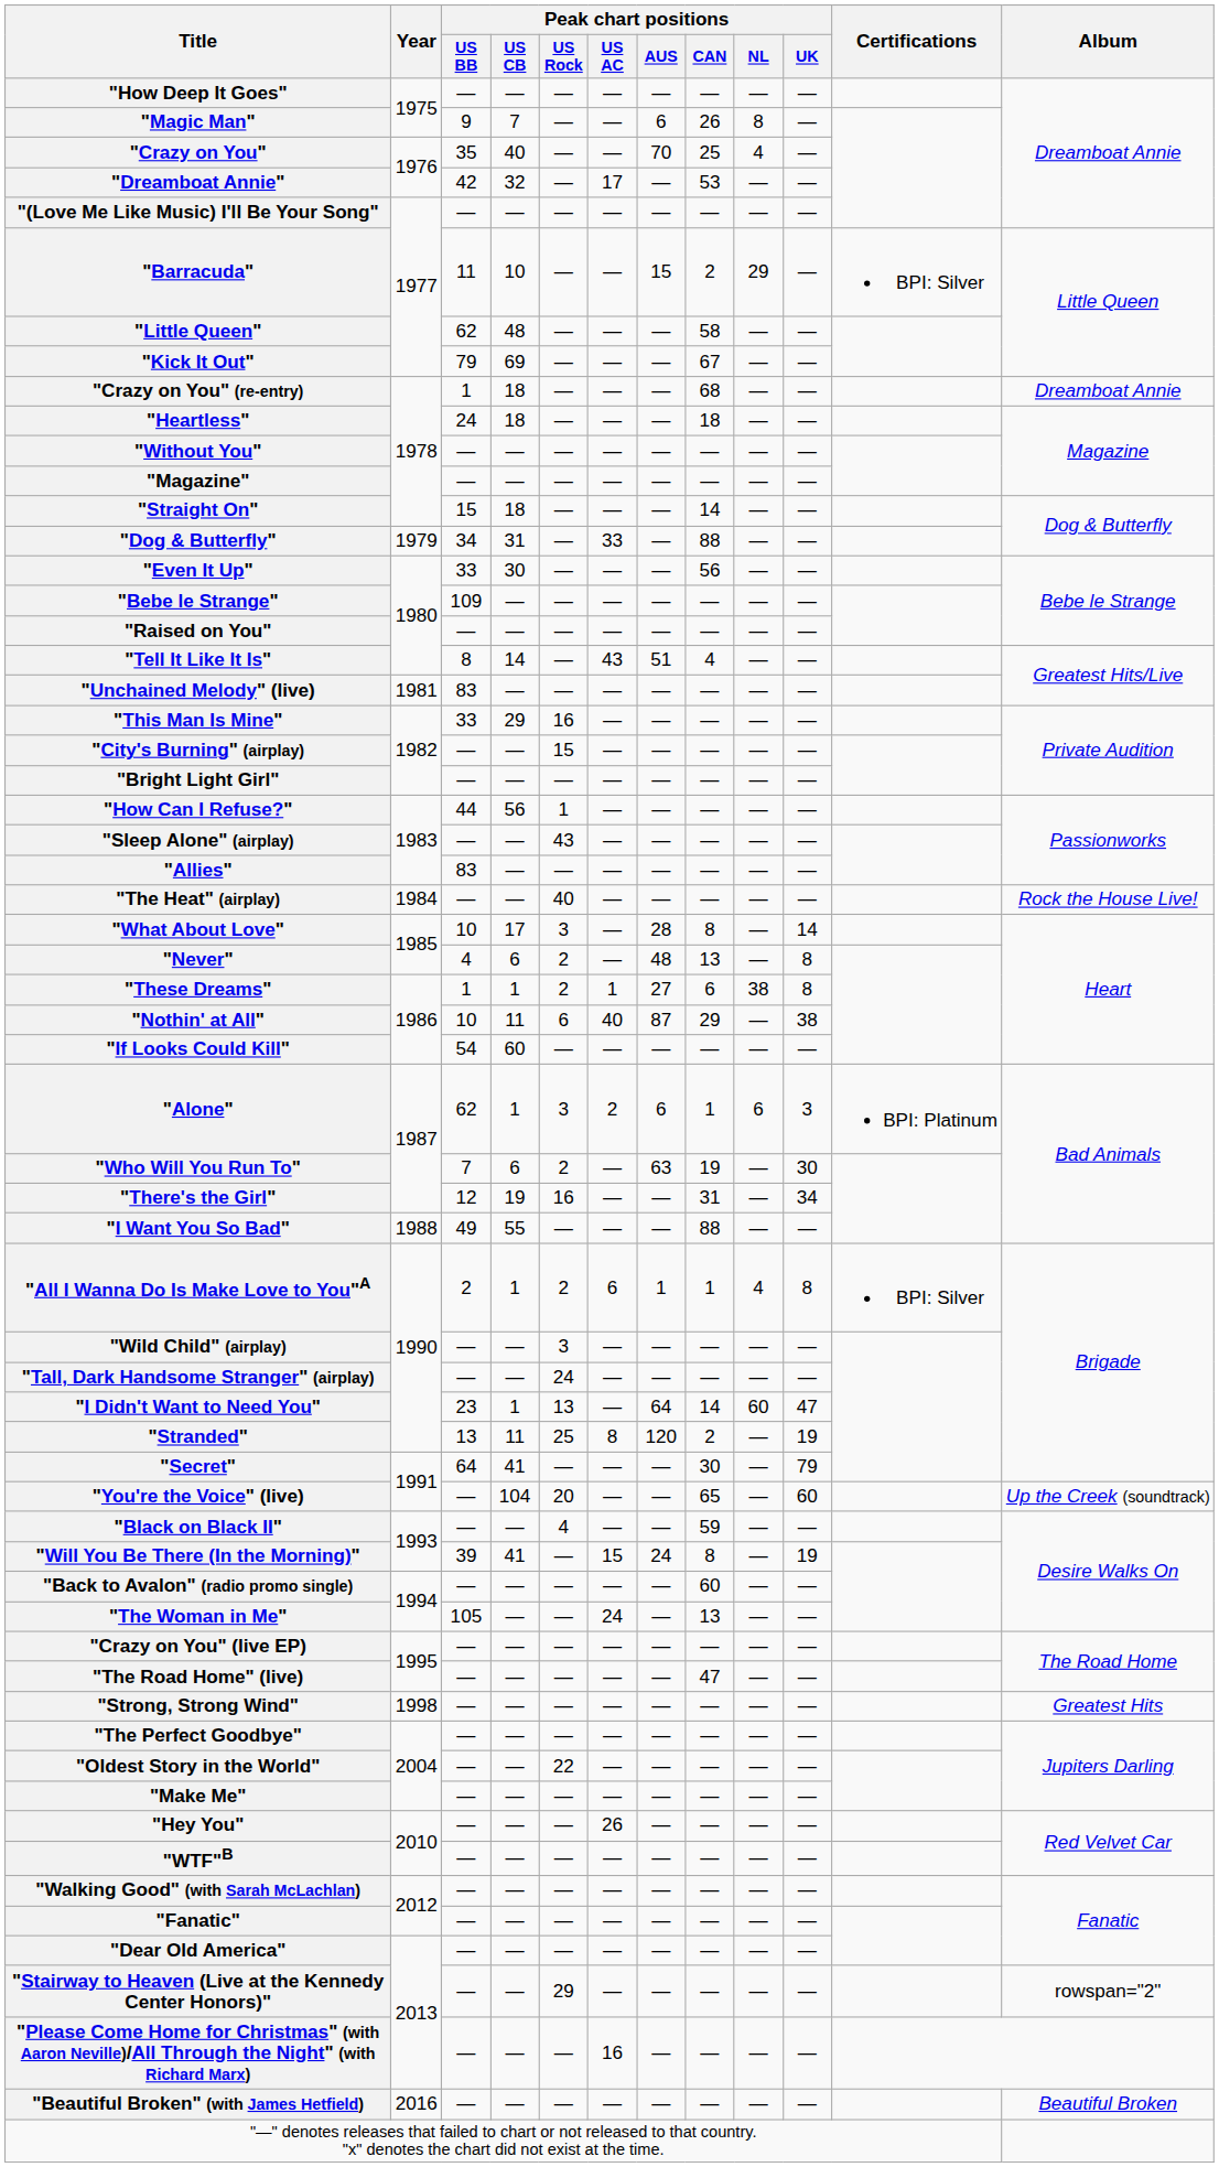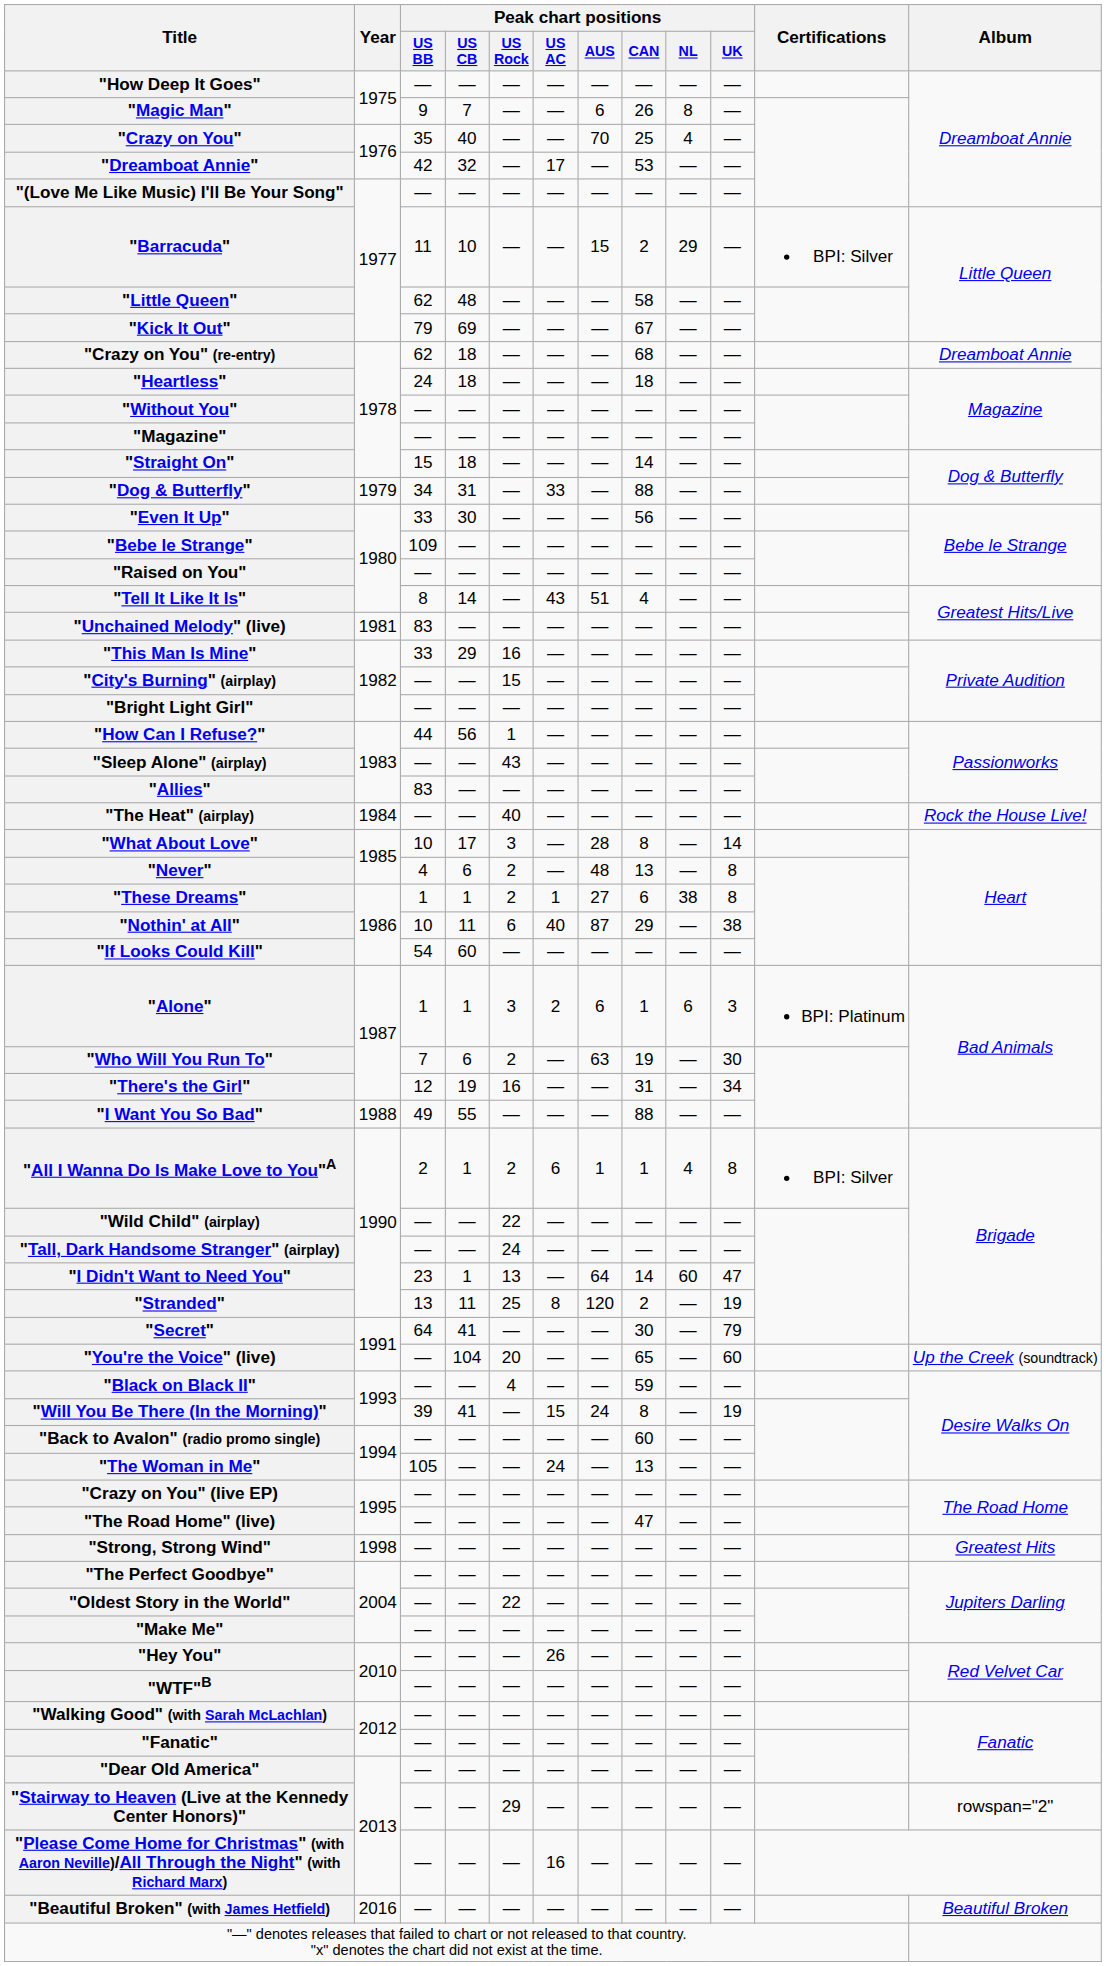 <table class="wikitable plainrowheaders sortable" style="text-align:center;">
 <tr>
 <th scope="col" rowspan="2"  style="width:20em;">Title</th>
 <th scope="col" rowspan="2">Year</th>
 <th scope="col" colspan="8">Peak chart positions</th>
 <th scope="col" rowspan="2">Certifications</th>
 <th scope="col" rowspan="2">Album</th>
 </tr>
 <tr style="font-size:smaller;">
 <th width="35"><a href='#'>US BB</a><br> </th>
 <th width="35"><a href='#'>US CB</a><br> </th>
 <th width="35"><a href='#'>US Rock</a><br></th>
 <th width="35"><a href='#'>US AC</a><br> </th>
 <th width="35"><a href='#'>AUS</a><br></th>
 <th width="35"><a href='#'>CAN</a><br></th>
 <th width="35"><a href='#'>NL</a><br></th>
 <th width="35"><a href='#'>UK</a><br></th>
 </tr>
 <tr>
 <th scope="row">"How Deep It Goes"</th>
 <td rowspan="2">1975</td>
 <td>—</td>
 <td>—</td>
 <td>—</td>
 <td>—</td>
 <td>—</td>
 <td>—</td>
 <td>—</td>
 <td>—</td>
 <td></td>
 <td rowspan="5"><em><a href='#'>Dreamboat Annie</a></em></td>
 </tr>
 <tr>
 <th scope="row">"<a href='#'>Magic Man</a>"</th>
 <td>9</td>
 <td>7</td>
 <td>—</td>
 <td>—</td>
 <td>6</td>
 <td>26</td>
 <td>8</td>
 <td>—</td>
 </tr>
 <tr>
 <th scope="row">"<a href='#'>Crazy on You</a>"</th>
 <td rowspan="2">1976</td>
 <td>35</td>
 <td>40</td>
 <td>—</td>
 <td>—</td>
 <td>70</td>
 <td>25</td>
 <td>4</td>
 <td>—</td>
 </tr>
 <tr>
 <th scope="row">"<a href='#'>Dreamboat Annie</a>"</th>
 <td>42</td>
 <td>32</td>
 <td>—</td>
 <td>17</td>
 <td>—</td>
 <td>53</td>
 <td>—</td>
 <td>—</td>
 </tr>
 <tr>
 <th scope="row">"(Love Me Like Music) I'll Be Your Song"</th>
 <td rowspan="4">1977</td>
 <td>—</td>
 <td>—</td>
 <td>—</td>
 <td>—</td>
 <td>—</td>
 <td>—</td>
 <td>—</td>
 <td>—</td>
 </tr>
 <tr>
 <th scope="row">"<a href='#'>Barracuda</a>"</th>
 <td>11</td>
 <td>10</td>
 <td>—</td>
 <td>—</td>
 <td>15</td>
 <td>2</td>
 <td>29</td>
 <td>—</td>
 <td><br><ul><li>BPI: Silver</li></ul></td>
 <td rowspan="3"><em><a href='#'>Little Queen</a></em></td>
 </tr>
 <tr>
 <th scope="row">"<a href='#'>Little Queen</a>"</th>
 <td>62</td>
 <td>48</td>
 <td>—</td>
 <td>—</td>
 <td>—</td>
 <td>58</td>
 <td>—</td>
 <td>—</td>
 </tr>
 <tr>
 <th scope="row">"<a href='#'>Kick It Out</a>"</th>
 <td>79</td>
 <td>69</td>
 <td>—</td>
 <td>—</td>
 <td>—</td>
 <td>67</td>
 <td>—</td>
 <td>—</td>
 </tr>
 <tr>
 <th scope="row">"Crazy on You" <small>(re-entry)</small></th>
 <td rowspan="5">1978</td>
-<td>1</td>
+<td>62</td>
 <td>18</td>
 <td>—</td>
 <td>—</td>
 <td>—</td>
 <td>68</td>
 <td>—</td>
 <td>—</td>
 <td></td>
 <td><em><a href='#'>Dreamboat Annie</a></em></td>
 </tr>
 <tr>
 <th scope="row">"<a href='#'>Heartless</a>"</th>
 <td>24</td>
 <td>18</td>
 <td>—</td>
 <td>—</td>
 <td>—</td>
 <td>18</td>
 <td>—</td>
 <td>—</td>
 <td></td>
 <td rowspan="3"><em><a href='#'>Magazine</a></em></td>
 </tr>
 <tr>
 <th scope="row">"<a href='#'>Without You</a>"</th>
 <td>—</td>
 <td>—</td>
 <td>—</td>
 <td>—</td>
 <td>—</td>
 <td>—</td>
 <td>—</td>
 <td>—</td>
 </tr>
 <tr>
 <th scope="row">"Magazine"</th>
 <td>—</td>
 <td>—</td>
 <td>—</td>
 <td>—</td>
 <td>—</td>
 <td>—</td>
 <td>—</td>
 <td>—</td>
 </tr>
 <tr>
 <th scope="row">"<a href='#'>Straight On</a>"</th>
 <td>15</td>
 <td>18</td>
 <td>—</td>
 <td>—</td>
 <td>—</td>
 <td>14</td>
 <td>—</td>
 <td>—</td>
 <td></td>
 <td rowspan="2"><em><a href='#'>Dog & Butterfly</a></em></td>
 </tr>
 <tr>
 <th scope="row">"<a href='#'>Dog & Butterfly</a>"</th>
 <td rowspan="1">1979</td>
 <td>34</td>
 <td>31</td>
 <td>—</td>
 <td>33</td>
 <td>—</td>
 <td>88</td>
 <td>—</td>
 <td>—</td>
 </tr>
 <tr>
 <th scope="row">"<a href='#'>Even It Up</a>"</th>
 <td rowspan="4">1980</td>
 <td>33</td>
 <td>30</td>
 <td>—</td>
 <td>—</td>
 <td>—</td>
 <td>56</td>
 <td>—</td>
 <td>—</td>
 <td></td>
 <td rowspan="3"><em><a href='#'>Bebe le Strange</a></em></td>
 </tr>
 <tr>
 <th scope="row">"<a href='#'>Bebe le Strange</a>"</th>
 <td>109</td>
 <td>—</td>
 <td>—</td>
 <td>—</td>
 <td>—</td>
 <td>—</td>
 <td>—</td>
 <td>—</td>
 </tr>
 <tr>
 <th scope="row">"Raised on You"</th>
 <td>—</td>
 <td>—</td>
 <td>—</td>
 <td>—</td>
 <td>—</td>
 <td>—</td>
 <td>—</td>
 <td>—</td>
 </tr>
 <tr>
 <th scope="row">"<a href='#'>Tell It Like It Is</a>"</th>
 <td>8</td>
 <td>14</td>
 <td>—</td>
 <td>43</td>
 <td>51</td>
 <td>4</td>
 <td>—</td>
 <td>—</td>
 <td></td>
 <td rowspan="2"><em><a href='#'>Greatest Hits/Live</a></em></td>
 </tr>
 <tr>
 <th scope="row">"<a href='#'>Unchained Melody</a>" (live)</th>
 <td>1981</td>
 <td>83</td>
 <td>—</td>
 <td>—</td>
 <td>—</td>
 <td>—</td>
 <td>—</td>
 <td>—</td>
 <td>—</td>
 </tr>
 <tr>
 <th scope="row">"<a href='#'>This Man Is Mine</a>"</th>
 <td rowspan="3">1982</td>
 <td>33</td>
 <td>29</td>
 <td>16</td>
 <td>—</td>
 <td>—</td>
 <td>—</td>
 <td>—</td>
 <td>—</td>
 <td></td>
 <td rowspan="3"><em><a href='#'>Private Audition</a></em></td>
 </tr>
 <tr>
 <th scope="row">"<a href='#'>City's Burning</a>" <small>(airplay)</small></th>
 <td>—</td>
 <td>—</td>
 <td>15</td>
 <td>—</td>
 <td>—</td>
 <td>—</td>
 <td>—</td>
 <td>—</td>
 </tr>
 <tr>
 <th scope="row">"Bright Light Girl"</th>
 <td>—</td>
 <td>—</td>
 <td>—</td>
 <td>—</td>
 <td>—</td>
 <td>—</td>
 <td>—</td>
 <td>—</td>
 </tr>
 <tr>
 <th scope="row">"<a href='#'>How Can I Refuse?</a>"</th>
 <td rowspan="3">1983</td>
 <td>44</td>
 <td>56</td>
 <td>1</td>
 <td>—</td>
 <td>—</td>
 <td>—</td>
 <td>—</td>
 <td>—</td>
 <td></td>
 <td rowspan="3"><em><a href='#'>Passionworks</a></em></td>
 </tr>
 <tr>
 <th scope="row">"Sleep Alone" <small>(airplay)</small></th>
 <td>—</td>
 <td>—</td>
 <td>43</td>
 <td>—</td>
 <td>—</td>
 <td>—</td>
 <td>—</td>
 <td>—</td>
 </tr>
 <tr>
 <th scope="row">"<a href='#'>Allies</a>"</th>
 <td>83</td>
 <td>—</td>
 <td>—</td>
 <td>—</td>
 <td>—</td>
 <td>—</td>
 <td>—</td>
 <td>—</td>
 </tr>
 <tr>
 <th scope="row">"The Heat" <small>(airplay)</small></th>
 <td>1984</td>
 <td>—</td>
 <td>—</td>
 <td>40</td>
 <td>—</td>
 <td>—</td>
 <td>—</td>
 <td>—</td>
 <td>—</td>
 <td></td>
 <td><em><a href='#'>Rock the House Live!</a></em></td>
 </tr>
 <tr>
 <th scope="row">"<a href='#'>What About Love</a>"</th>
 <td rowspan="2">1985</td>
 <td>10</td>
 <td>17</td>
 <td>3</td>
 <td>—</td>
 <td>28</td>
 <td>8</td>
 <td>—</td>
 <td>14</td>
 <td></td>
 <td rowspan="5"><em><a href='#'>Heart</a></em></td>
 </tr>
 <tr>
 <th scope="row">"<a href='#'>Never</a>"</th>
 <td>4</td>
 <td>6</td>
 <td>2</td>
 <td>—</td>
 <td>48</td>
 <td>13</td>
 <td>—</td>
 <td>8</td>
 </tr>
 <tr>
 <th scope="row">"<a href='#'>These Dreams</a>"</th>
 <td rowspan="3">1986</td>
 <td>1</td>
 <td>1</td>
 <td>2</td>
 <td>1</td>
 <td>27</td>
 <td>6</td>
 <td>38</td>
 <td>8</td>
 </tr>
 <tr>
 <th scope="row">"<a href='#'>Nothin' at All</a>"</th>
 <td>10</td>
 <td>11</td>
 <td>6</td>
 <td>40</td>
 <td>87</td>
 <td>29</td>
 <td>—</td>
 <td>38</td>
 </tr>
 <tr>
 <th scope="row">"<a href='#'>If Looks Could Kill</a>"</th>
 <td>54</td>
 <td>60</td>
 <td>—</td>
 <td>—</td>
 <td>—</td>
 <td>—</td>
 <td>—</td>
 <td>—</td>
 </tr>
 <tr>
 <th scope="row">"<a href='#'>Alone</a>"</th>
 <td rowspan="3">1987</td>
-<td>62</td>
+<td>1</td>
 <td>1</td>
 <td>3</td>
 <td>2</td>
 <td>6</td>
 <td>1</td>
 <td>6</td>
 <td>3</td>
 <td><br><ul><li>BPI: Platinum</li></ul></td>
 <td rowspan="4"><em><a href='#'>Bad Animals</a></em></td>
 </tr>
 <tr>
 <th scope="row">"<a href='#'>Who Will You Run To</a>"</th>
 <td>7</td>
 <td>6</td>
 <td>2</td>
 <td>—</td>
 <td>63</td>
 <td>19</td>
 <td>—</td>
 <td>30</td>
 </tr>
 <tr>
 <th scope="row">"<a href='#'>There's the Girl</a>"</th>
 <td>12</td>
 <td>19</td>
 <td>16</td>
 <td>—</td>
 <td>—</td>
 <td>31</td>
 <td>—</td>
 <td>34</td>
 </tr>
 <tr>
 <th scope="row">"<a href='#'>I Want You So Bad</a>"</th>
 <td rowspan="1">1988</td>
 <td>49</td>
 <td>55</td>
 <td>—</td>
 <td>—</td>
 <td>—</td>
 <td>88</td>
 <td>—</td>
 <td>—</td>
 </tr>
 <tr>
 <th scope="row">"<a href='#'>All I Wanna Do Is Make Love to You</a>"<sup>A</sup></th>
 <td rowspan="5">1990</td>
 <td>2</td>
 <td>1</td>
 <td>2</td>
 <td>6</td>
 <td>1</td>
 <td>1</td>
 <td>4</td>
 <td>8</td>
 <td><br><ul><li>BPI: Silver</li></ul></td>
 <td rowspan="6"><em><a href='#'>Brigade</a></em></td>
 </tr>
 <tr>
 <th scope="row">"Wild Child" <small>(airplay)</small></th>
 <td>—</td>
 <td>—</td>
-<td>3</td>
+<td>22</td>
 <td>—</td>
 <td>—</td>
 <td>—</td>
 <td>—</td>
 <td>—</td>
 </tr>
 <tr>
 <th scope="row">"<a href='#'>Tall, Dark Handsome Stranger</a>" <small>(airplay)</small></th>
 <td>—</td>
 <td>—</td>
 <td>24</td>
 <td>—</td>
 <td>—</td>
 <td>—</td>
 <td>—</td>
 <td>—</td>
 </tr>
 <tr>
 <th scope="row">"<a href='#'>I Didn't Want to Need You</a>"</th>
 <td>23</td>
 <td>1</td>
 <td>13</td>
 <td>—</td>
 <td>64</td>
 <td>14</td>
 <td>60</td>
 <td>47</td>
 </tr>
 <tr>
 <th scope="row">"<a href='#'>Stranded</a>"</th>
 <td>13</td>
 <td>11</td>
 <td>25</td>
 <td>8</td>
 <td>120</td>
 <td>2</td>
 <td>—</td>
 <td>19</td>
 </tr>
 <tr>
 <th scope="row">"<a href='#'>Secret</a>"</th>
 <td rowspan="2">1991</td>
 <td>64</td>
 <td>41</td>
 <td>—</td>
 <td>—</td>
 <td>—</td>
 <td>30</td>
 <td>—</td>
 <td>79</td>
 </tr>
 <tr>
 <th scope="row">"<a href='#'>You're the Voice</a>" (live)</th>
 <td>—</td>
 <td>104</td>
 <td>20</td>
 <td>—</td>
 <td>—</td>
 <td>65</td>
 <td>—</td>
 <td>60</td>
 <td></td>
 <td><em><a href='#'>Up the Creek</a></em> <small>(soundtrack)</small></td>
 </tr>
 <tr>
 <th scope="row">"<a href='#'>Black on Black II</a>"</th>
 <td rowspan="2">1993</td>
 <td>—</td>
 <td>—</td>
 <td>4</td>
 <td>—</td>
 <td>—</td>
 <td>59</td>
 <td>—</td>
 <td>—</td>
 <td></td>
 <td rowspan="4"><em><a href='#'>Desire Walks On</a></em></td>
 </tr>
 <tr>
 <th scope="row">"<a href='#'>Will You Be There (In the Morning)</a>"</th>
 <td>39</td>
 <td>41</td>
 <td>—</td>
 <td>15</td>
 <td>24</td>
 <td>8</td>
 <td>—</td>
 <td>19</td>
 </tr>
 <tr>
 <th scope="row">"Back to Avalon" <small>(radio promo single)</small></th>
 <td rowspan="2">1994</td>
 <td>—</td>
 <td>—</td>
 <td>—</td>
 <td>—</td>
 <td>—</td>
 <td>60</td>
 <td>—</td>
 <td>—</td>
 </tr>
 <tr>
 <th scope="row">"<a href='#'>The Woman in Me</a>"</th>
 <td>105</td>
 <td>—</td>
 <td>—</td>
 <td>24</td>
 <td>—</td>
 <td>13</td>
 <td>—</td>
 <td>—</td>
 </tr>
 <tr>
 <th scope="row">"Crazy on You" (live EP)</th>
 <td rowspan="2">1995</td>
 <td>—</td>
 <td>—</td>
 <td>—</td>
 <td>—</td>
 <td>—</td>
 <td>—</td>
 <td>—</td>
 <td>—</td>
 <td></td>
 <td rowspan="2"><em><a href='#'>The Road Home</a></em></td>
 </tr>
 <tr>
 <th scope="row">"The Road Home" (live)</th>
 <td>—</td>
 <td>—</td>
 <td>—</td>
 <td>—</td>
 <td>—</td>
 <td>47</td>
 <td>—</td>
 <td>—</td>
 </tr>
 <tr>
 <th scope="row">"Strong, Strong Wind"</th>
 <td>1998</td>
 <td>—</td>
 <td>—</td>
 <td>—</td>
 <td>—</td>
 <td>—</td>
 <td>—</td>
 <td>—</td>
 <td>—</td>
 <td></td>
 <td><em><a href='#'>Greatest Hits</a></em></td>
 </tr>
 <tr>
 <th scope="row">"The Perfect Goodbye"</th>
 <td rowspan="3">2004</td>
 <td>—</td>
 <td>—</td>
 <td>—</td>
 <td>—</td>
 <td>—</td>
 <td>—</td>
 <td>—</td>
 <td>—</td>
 <td></td>
 <td rowspan="3"><em><a href='#'>Jupiters Darling</a></em></td>
 </tr>
 <tr>
 <th scope="row">"Oldest Story in the World"</th>
 <td>—</td>
 <td>—</td>
 <td>22</td>
 <td>—</td>
 <td>—</td>
 <td>—</td>
 <td>—</td>
 <td>—</td>
 </tr>
 <tr>
 <th scope="row">"Make Me"</th>
 <td>—</td>
 <td>—</td>
 <td>—</td>
 <td>—</td>
 <td>—</td>
 <td>—</td>
 <td>—</td>
 <td>—</td>
 </tr>
 <tr>
 <th scope="row">"Hey You"</th>
 <td rowspan="2">2010</td>
 <td>—</td>
 <td>—</td>
 <td>—</td>
 <td>26</td>
 <td>—</td>
 <td>—</td>
 <td>—</td>
 <td>—</td>
 <td></td>
 <td rowspan="2"><em><a href='#'>Red Velvet Car</a></em></td>
 </tr>
 <tr>
 <th scope="row">"WTF"<sup>B</sup></th>
 <td>—</td>
 <td>—</td>
 <td>—</td>
 <td>—</td>
 <td>—</td>
 <td>—</td>
 <td>—</td>
 <td>—</td>
 </tr>
 <tr>
 <th scope="row">"Walking Good" <small>(with <a href='#'>Sarah McLachlan</a>)</small></th>
 <td rowspan="2">2012</td>
 <td>—</td>
 <td>—</td>
 <td>—</td>
 <td>—</td>
 <td>—</td>
 <td>—</td>
 <td>—</td>
 <td>—</td>
 <td></td>
 <td rowspan="3"><em><a href='#'>Fanatic</a></em></td>
 </tr>
 <tr>
 <th scope="row">"Fanatic"</th>
 <td>—</td>
 <td>—</td>
 <td>—</td>
 <td>—</td>
 <td>—</td>
 <td>—</td>
 <td>—</td>
 <td>—</td>
 </tr>
 <tr>
 <th scope="row">"Dear Old America"</th>
 <td rowspan="3">2013</td>
 <td>—</td>
 <td>—</td>
 <td>—</td>
 <td>—</td>
 <td>—</td>
 <td>—</td>
 <td>—</td>
 <td>—</td>
 </tr>
 <tr>
 <th scope="row">"<a href='#'>Stairway to Heaven</a> (Live at the Kennedy Center Honors)"</th>
 <td>—</td>
 <td>—</td>
 <td>29</td>
 <td>—</td>
 <td>—</td>
 <td>—</td>
 <td>—</td>
 <td>—</td>
 <td></td>
 <td>rowspan="2" </td>
 </tr>
 <tr>
 <th scope="row">"<a href='#'>Please Come Home for Christmas</a>" <small>(with <a href='#'>Aaron Neville</a>)</small>/<a href='#'>All Through the Night</a>" <small>(with <a href='#'>Richard Marx</a>)</small></th>
 <td>—</td>
 <td>—</td>
 <td>—</td>
 <td>16</td>
 <td>—</td>
 <td>—</td>
 <td>—</td>
 <td>—</td>
 </tr>
 <tr>
 <th scope="row">"Beautiful Broken" <small>(with <a href='#'>James Hetfield</a>)</small></th>
 <td>2016</td>
 <td>—</td>
 <td>—</td>
 <td>—</td>
 <td>—</td>
 <td>—</td>
 <td>—</td>
 <td>—</td>
 <td>—</td>
 <td></td>
 <td><em><a href='#'>Beautiful Broken</a></em></td>
 </tr>
 <tr>
 <td align="center" colspan="11" style="font-size:85%">"—" denotes releases that failed to chart or not released to that country.<br>"x" denotes the chart did not exist at the time.</td>
 </tr>
 </table>
